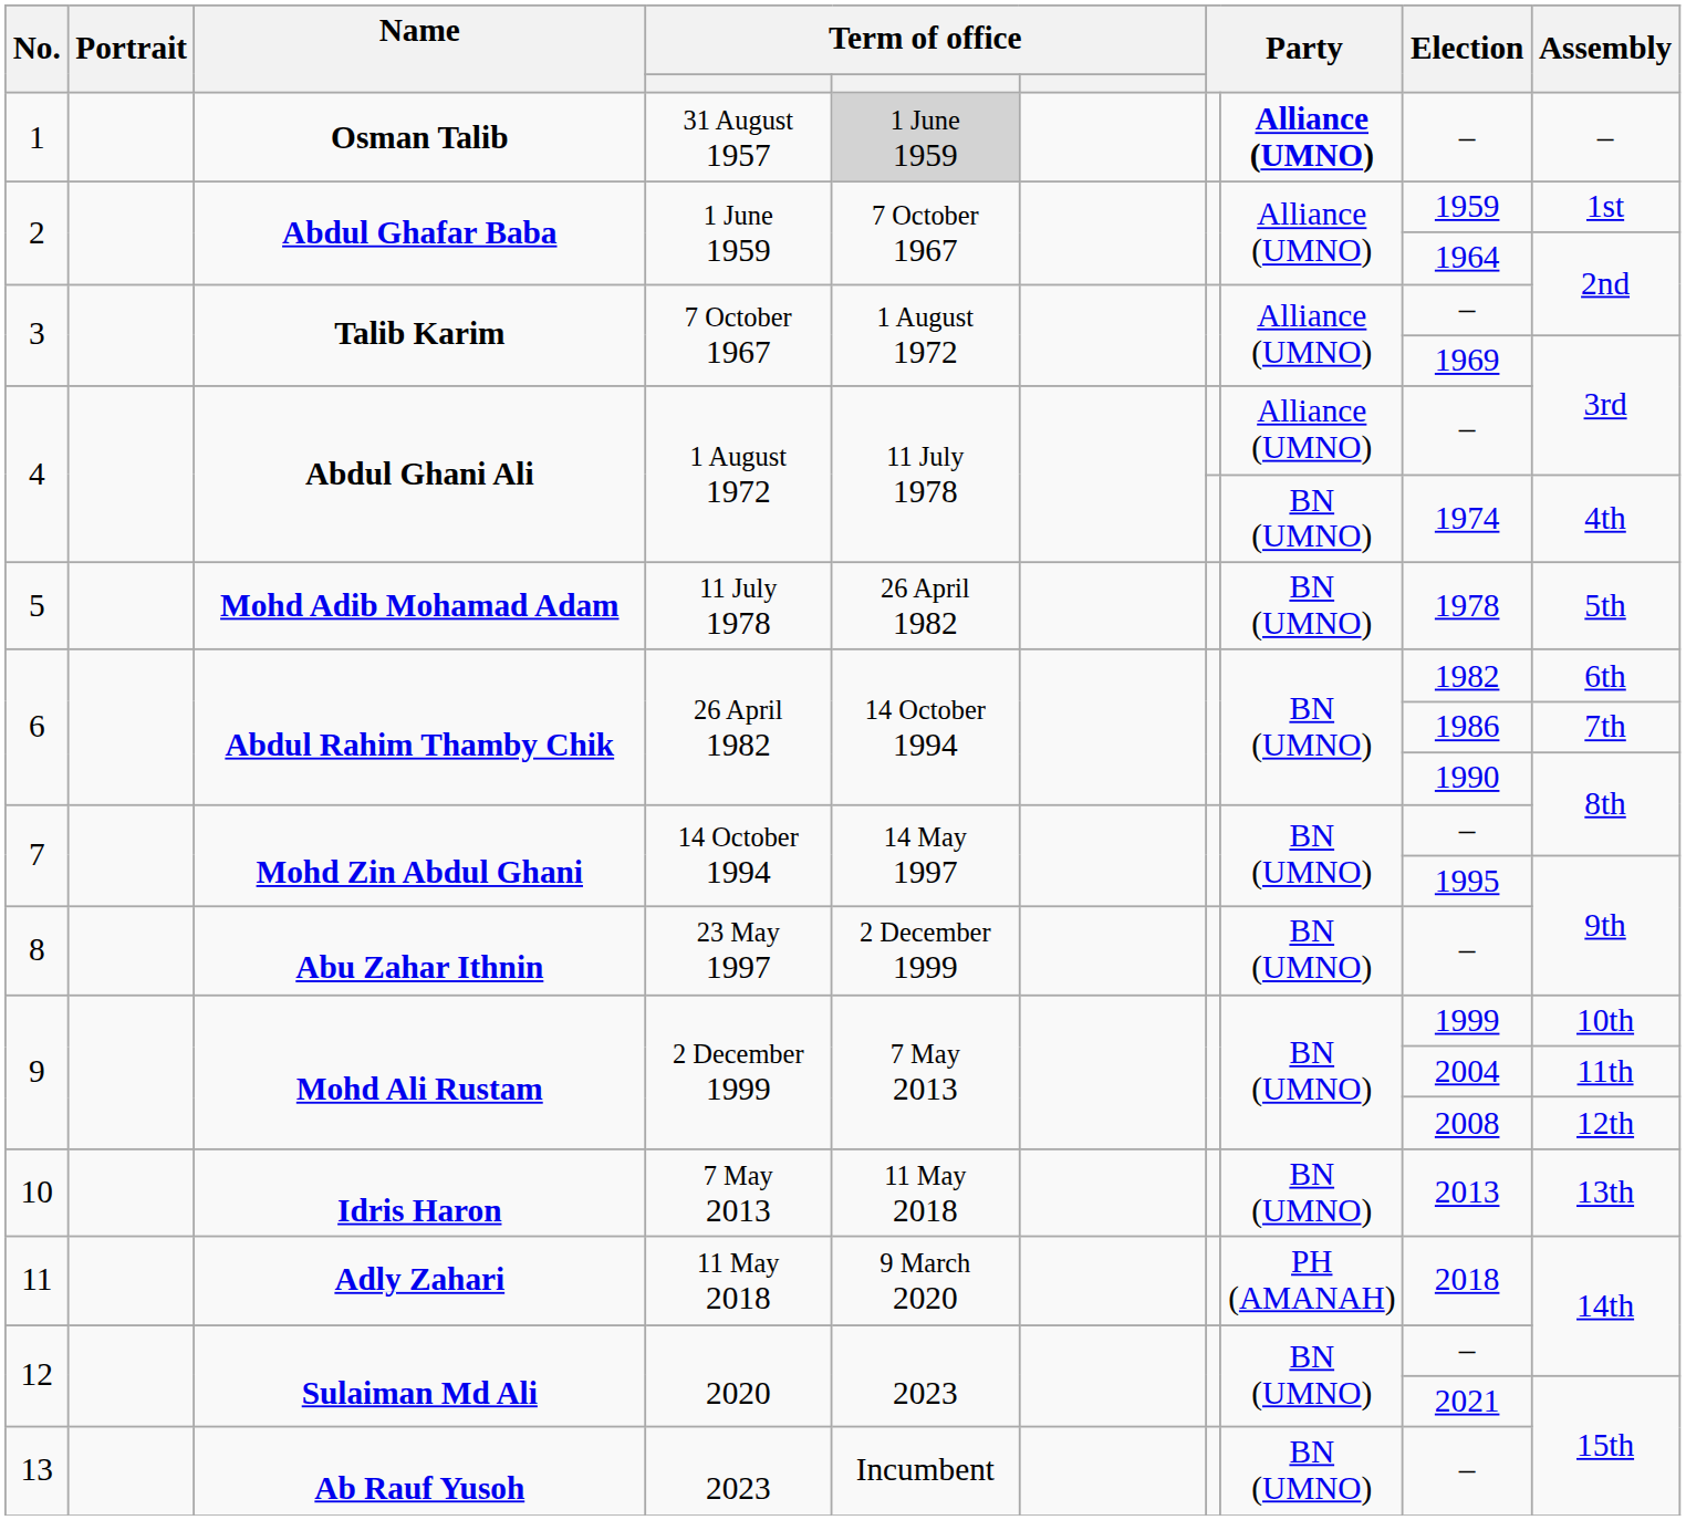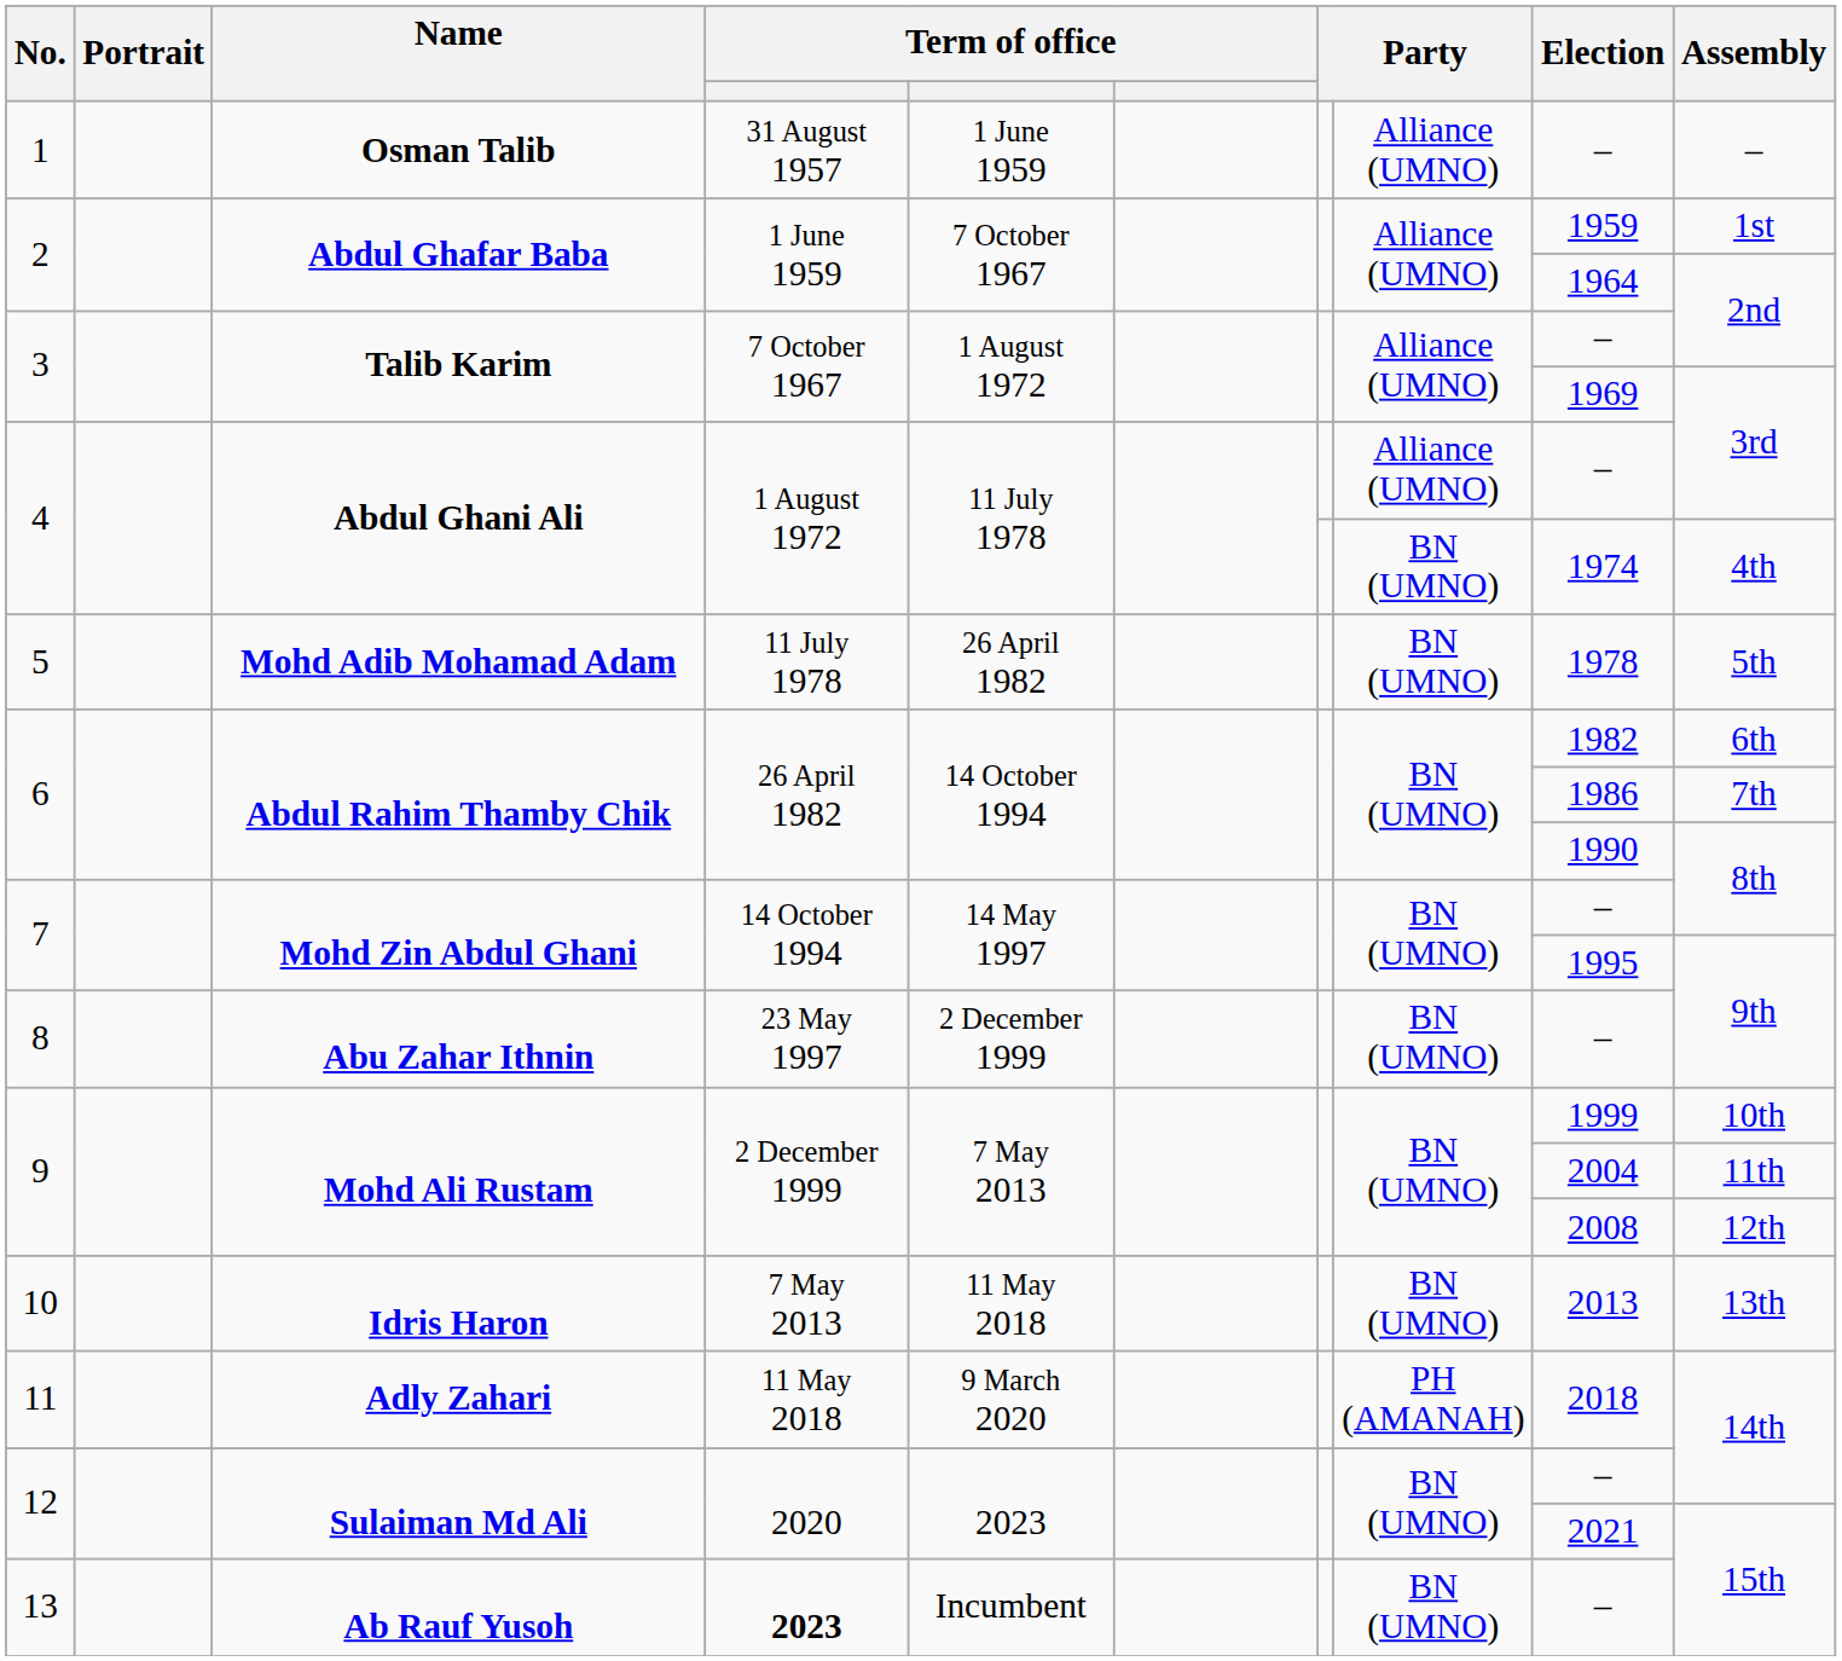 <table class="wikitable" style="text-align:center; border:1px #aaf solid;">
 <tr>
 <th rowspan="2">No.</th>
 <th rowspan="2">Portrait</th>
 <th rowspan="2" width="215">Name<br><br></th>
 <th colspan="3">Term of office</th>
 <th colspan="2" rowspan="2">Party</th>
 <th rowspan="2">Election</th>
 <th rowspan="2">Assembly</th>
 </tr>
 <tr>
 <th width="85"></th>
 <th width="85"></th>
 <th width="85"></th>
 </tr>
 <tr>
 <td>1</td>
 <td></td>
 <td><strong>Osman Talib</strong></td>
 <td><small>31 August</small><br>1957</td>
-<td style="background: lightgrey;"><small>1 June</small><br>1959</td>
+<td><small>1 June</small><br>1959</td>
 <td></td>
 <td style="background:"></td>
-<td><strong><a href='#'>Alliance</a><br>(<a href='#'>UMNO</a>)</strong></td>
+<td><a href='#'>Alliance</a><br>(<a href='#'>UMNO</a>)</td>
 <td>–</td>
 <td>–</td>
 </tr>
 <tr>
 <td rowspan="2">2</td>
 <td rowspan="2"></td>
 <td rowspan="2"><strong><a href='#'>Abdul Ghafar Baba</a></strong><br></td>
 <td rowspan="2"><small>1 June</small><br>1959</td>
 <td rowspan="2"><small>7 October</small><br>1967</td>
 <td rowspan="2"></td>
 <td rowspan="2" style="background:"></td>
 <td rowspan="2"><a href='#'>Alliance</a><br>(<a href='#'>UMNO</a>)</td>
 <td><a href='#'>1959</a></td>
 <td><a href='#'>1st</a></td>
 </tr>
 <tr>
 <td><a href='#'>1964</a></td>
 <td rowspan="2"><a href='#'>2nd</a></td>
 </tr>
 <tr>
 <td rowspan="2">3</td>
 <td rowspan="2"></td>
 <td rowspan="2"><strong>Talib Karim</strong><br></td>
 <td rowspan="2"><small>7 October</small><br>1967</td>
 <td rowspan="2"><small>1 August</small><br>1972</td>
 <td rowspan="2"></td>
 <td rowspan="2" style="background:"></td>
 <td rowspan="2"><a href='#'>Alliance</a><br>(<a href='#'>UMNO</a>)</td>
 <td>–</td>
 </tr>
 <tr>
 <td><a href='#'>1969</a></td>
 <td rowspan="2"><a href='#'>3rd</a></td>
 </tr>
 <tr>
 <td rowspan="2">4</td>
 <td rowspan="2"></td>
 <td rowspan="2"><strong>Abdul Ghani Ali</strong><br></td>
 <td rowspan="2"><small>1 August</small><br>1972</td>
 <td rowspan="2"><small>11 July</small><br>1978</td>
 <td rowspan="2"></td>
 <td style="background:"></td>
 <td><a href='#'>Alliance</a><br>(<a href='#'>UMNO</a>)</td>
 <td>–</td>
 </tr>
 <tr>
 <td style="background:"></td>
 <td><a href='#'>BN</a><br>(<a href='#'>UMNO</a>)</td>
 <td><a href='#'>1974</a></td>
 <td><a href='#'>4th</a></td>
 </tr>
 <tr>
 <td>5</td>
 <td></td>
 <td><strong><a href='#'>Mohd Adib Mohamad Adam</a></strong><br></td>
 <td><small>11 July</small><br>1978</td>
 <td><small>26 April</small><br>1982</td>
 <td></td>
 <td style="background:"></td>
 <td><a href='#'>BN</a><br>(<a href='#'>UMNO</a>)</td>
 <td><a href='#'>1978</a></td>
 <td><a href='#'>5th</a></td>
 </tr>
 <tr>
 <td rowspan="3">6</td>
 <td rowspan="3"></td>
 <td rowspan="3"><br><strong><a href='#'>Abdul Rahim Thamby Chik</a></strong><br></td>
 <td rowspan="3"><small>26 April</small><br>1982</td>
 <td rowspan="3"><small>14 October</small><br>1994</td>
 <td rowspan="3"></td>
 <td rowspan="3" style="background:"></td>
 <td rowspan="3"><a href='#'>BN</a><br>(<a href='#'>UMNO</a>)</td>
 <td><a href='#'>1982</a></td>
 <td><a href='#'>6th</a></td>
 </tr>
 <tr>
 <td><a href='#'>1986</a></td>
 <td><a href='#'>7th</a></td>
 </tr>
 <tr>
 <td><a href='#'>1990</a></td>
 <td rowspan="2"><a href='#'>8th</a></td>
 </tr>
 <tr>
 <td rowspan="2">7</td>
 <td rowspan="2"></td>
 <td rowspan="2"><br><strong><a href='#'>Mohd Zin Abdul Ghani</a></strong><br></td>
 <td rowspan="2"><small>14 October</small><br>1994</td>
 <td rowspan="2"><small>14 May</small><br>1997</td>
 <td rowspan="2"></td>
 <td rowspan="2" style="background:"></td>
 <td rowspan="2"><a href='#'>BN</a><br>(<a href='#'>UMNO</a>)</td>
 <td>–</td>
 </tr>
 <tr>
 <td><a href='#'>1995</a></td>
 <td rowspan="2"><a href='#'>9th</a></td>
 </tr>
 <tr>
 <td>8</td>
 <td></td>
 <td><br><strong><a href='#'>Abu Zahar Ithnin</a></strong><br></td>
 <td><small>23 May</small><br>1997</td>
 <td><small>2 December</small><br>1999</td>
 <td></td>
 <td style="background:"></td>
 <td><a href='#'>BN</a><br>(<a href='#'>UMNO</a>)</td>
 <td>–</td>
 </tr>
 <tr>
 <td rowspan="3">9</td>
 <td rowspan="3"></td>
 <td rowspan="3"><br><strong><a href='#'>Mohd Ali Rustam</a></strong><br></td>
 <td rowspan="3"><small>2 December</small><br>1999</td>
 <td rowspan="3"><small>7 May</small><br>2013</td>
 <td rowspan="3"></td>
 <td rowspan="3" style="background:"></td>
 <td rowspan="3"><a href='#'>BN</a><br>(<a href='#'>UMNO</a>)</td>
 <td><a href='#'>1999</a></td>
 <td><a href='#'>10th</a></td>
 </tr>
 <tr>
 <td><a href='#'>2004</a></td>
 <td><a href='#'>11th</a></td>
 </tr>
 <tr>
 <td><a href='#'>2008</a></td>
 <td><a href='#'>12th</a></td>
 </tr>
 <tr>
 <td>10</td>
 <td></td>
 <td><br><strong><a href='#'>Idris Haron</a></strong><br></td>
 <td><small>7 May</small><br>2013</td>
 <td><small>11 May</small><br>2018</td>
 <td></td>
 <td style="background:"></td>
 <td><a href='#'>BN</a><br>(<a href='#'>UMNO</a>)</td>
 <td><a href='#'>2013</a></td>
 <td><a href='#'>13th</a></td>
 </tr>
 <tr>
 <td>11</td>
 <td></td>
 <td><strong><a href='#'>Adly Zahari</a></strong><br></td>
 <td><small>11 May</small><br>2018</td>
 <td><small>9 March</small><br>2020</td>
 <td></td>
 <td style="background:"></td>
 <td><a href='#'>PH</a><br>(<a href='#'>AMANAH</a>)</td>
 <td><a href='#'>2018</a></td>
 <td rowspan="2"><a href='#'>14th</a></td>
 </tr>
 <tr>
 <td rowspan="2">12</td>
 <td rowspan="2"></td>
 <td rowspan="2"><br><strong><a href='#'>Sulaiman Md Ali</a></strong><br></td>
 <td rowspan="2"><br>2020</td>
 <td rowspan="2"><br>2023</td>
 <td rowspan="2"></td>
 <td rowspan="2" style="background:"></td>
 <td rowspan="2"><a href='#'>BN</a><br>(<a href='#'>UMNO</a>)</td>
 <td>–</td>
 </tr>
 <tr>
 <td><a href='#'>2021</a></td>
 <td rowspan="2"><a href='#'>15th</a></td>
 </tr>
 <tr>
 <td>13</td>
 <td></td>
 <td><br><strong><a href='#'>Ab Rauf Yusoh</a></strong><br></td>
-<td><br>2023</td>
+<td><strong><br>2023</strong></td>
 <td>Incumbent</td>
 <td></td>
 <td style="background:"></td>
 <td><a href='#'>BN</a><br>(<a href='#'>UMNO</a>)</td>
 <td>–</td>
 </tr>
 </table>
